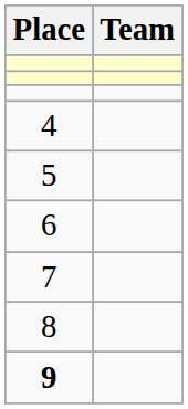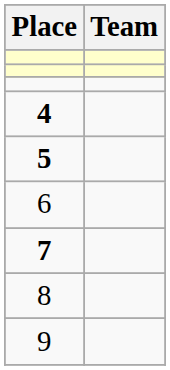 <table class="wikitable">
 <tr>
 <th>Place</th>
 <th>Team</th>
 </tr>
 <tr bgcolor=#ffffcc>
 <td align=center></td>
 <td></td>
 </tr>
 <tr bgcolor=#ffffcc>
 <td align=center></td>
 <td></td>
 </tr>
 <tr>
 <td align=center></td>
 <td></td>
 </tr>
 <tr>
-<td align=center>4</td>
+<td align=center><strong>4</strong></td>
 <td></td>
 </tr>
 <tr>
-<td align=center>5</td>
+<td align=center><strong>5</strong></td>
 <td></td>
 </tr>
 <tr>
 <td align=center>6</td>
 <td></td>
 </tr>
 <tr>
-<td align=center>7</td>
+<td align=center><strong>7</strong></td>
 <td></td>
 </tr>
 <tr>
 <td align=center>8</td>
 <td></td>
 </tr>
 <tr>
-<td align=center><strong>9</strong></td>
+<td align=center>9</td>
 <td></td>
 </tr>
 </table>
